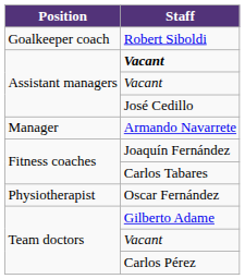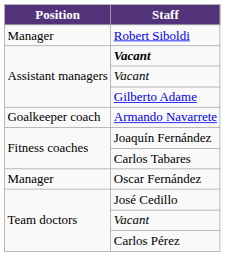 <table class="wikitable">
 <tr>
 <th style=background-color:#523379;color:#FFFFFF>Position</th>
 <th style=background-color:#523379;color:#FFFFFF>Staff</th>
 </tr>
 <tr>
-<td>Goalkeeper coach</td>
+<td>Manager</td>
 <td> <a href='#'>Robert Siboldi</a></td>
 </tr>
 <tr>
 <td rowspan="3">Assistant managers</td>
 <td><strong><em>Vacant</em></strong></td>
 </tr>
 <tr>
 <td><em>Vacant</em></td>
 </tr>
 <tr>
-<td> José Cedillo</td>
+<td> <a href='#'>Gilberto Adame</a></td>
 </tr>
 <tr>
-<td>Manager</td>
+<td>Goalkeeper coach</td>
 <td> <a href='#'>Armando Navarrete</a></td>
 </tr>
 <tr>
 <td rowspan="2">Fitness coaches</td>
 <td> Joaquín Fernández</td>
 </tr>
 <tr>
 <td> Carlos Tabares</td>
 </tr>
 <tr>
-<td>Physiotherapist</td>
+<td>Manager</td>
 <td> Oscar Fernández</td>
 </tr>
 <tr>
 <td rowspan="3">Team doctors</td>
-<td> <a href='#'>Gilberto Adame</a></td>
+<td> José Cedillo</td>
 </tr>
 <tr>
 <td><em>Vacant</em></td>
 </tr>
 <tr>
 <td> Carlos Pérez</td>
 </tr>
 </table>
